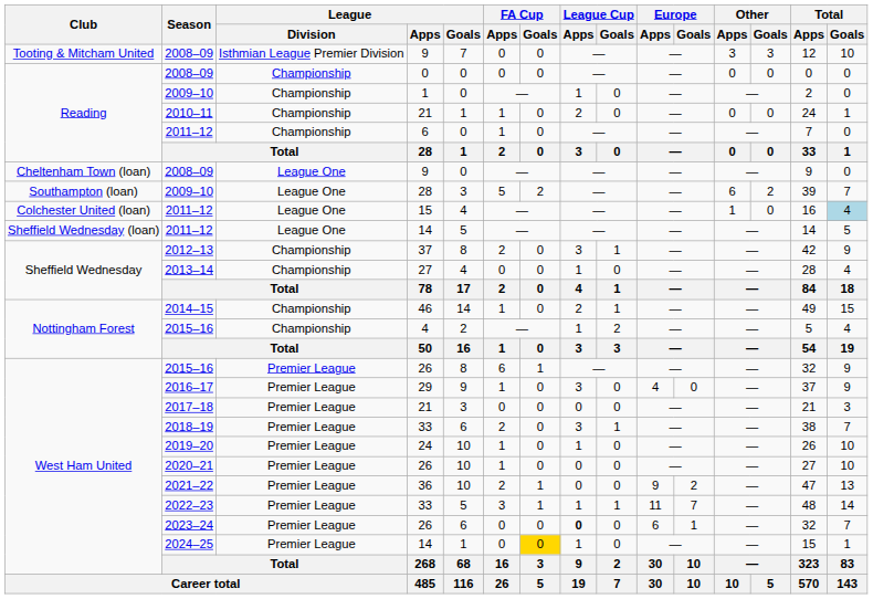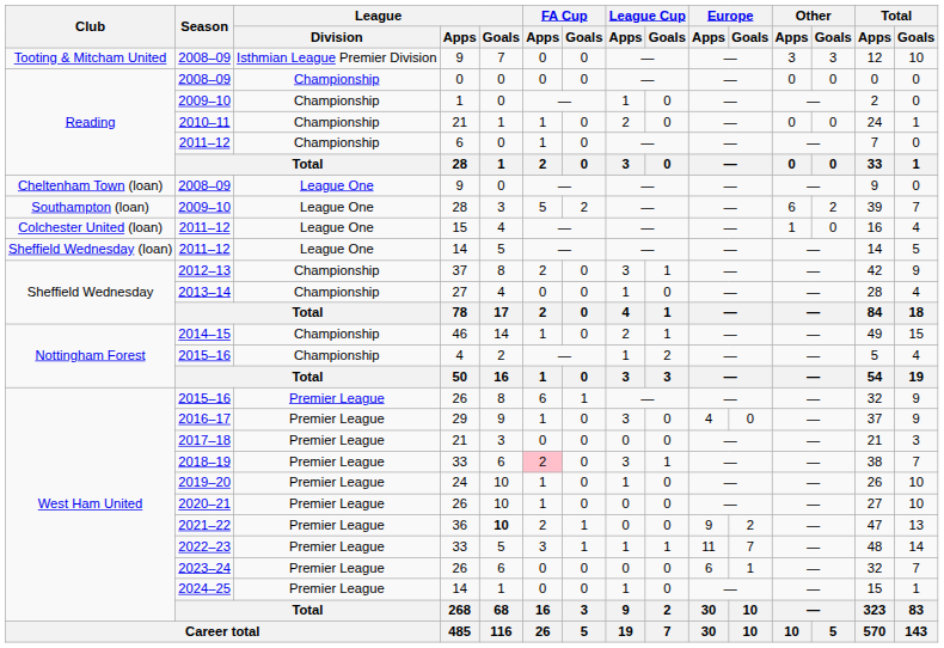 <table class=wikitable style="text-align: center;">
 <tr>
 <th rowspan="2">Club</th>
 <th rowspan="2">Season</th>
 <th colspan="3">League</th>
 <th colspan="2"><a href='#'>FA Cup</a></th>
 <th colspan="2"><a href='#'>League Cup</a></th>
 <th colspan="2"><a href='#'>Europe</a></th>
 <th colspan="2">Other</th>
 <th colspan="2">Total</th>
 </tr>
 <tr>
 <th>Division</th>
 <th>Apps</th>
 <th>Goals</th>
 <th>Apps</th>
 <th>Goals</th>
 <th>Apps</th>
 <th>Goals</th>
 <th>Apps</th>
 <th>Goals</th>
 <th>Apps</th>
 <th>Goals</th>
 <th>Apps</th>
 <th>Goals</th>
 </tr>
 <tr>
 <td><a href='#'>Tooting & Mitcham United</a></td>
 <td><a href='#'>2008–09</a></td>
 <td><a href='#'>Isthmian League</a> Premier Division</td>
 <td>9</td>
 <td>7</td>
 <td>0</td>
 <td>0</td>
 <td colspan="2">—</td>
 <td colspan="2">—</td>
 <td>3</td>
 <td>3</td>
 <td>12</td>
 <td>10</td>
 </tr>
 <tr>
 <td rowspan="5"><a href='#'>Reading</a></td>
 <td><a href='#'>2008–09</a></td>
 <td><a href='#'>Championship</a></td>
 <td>0</td>
 <td>0</td>
 <td>0</td>
 <td>0</td>
 <td colspan="2">—</td>
 <td colspan="2">—</td>
 <td>0</td>
 <td>0</td>
 <td>0</td>
 <td>0</td>
 </tr>
 <tr>
 <td><a href='#'>2009–10</a></td>
 <td>Championship</td>
 <td>1</td>
 <td>0</td>
 <td colspan="2">—</td>
 <td>1</td>
 <td>0</td>
 <td colspan="2">—</td>
 <td colspan="2">—</td>
 <td>2</td>
 <td>0</td>
 </tr>
 <tr>
 <td><a href='#'>2010–11</a></td>
 <td>Championship</td>
 <td>21</td>
 <td>1</td>
 <td>1</td>
 <td>0</td>
 <td>2</td>
 <td>0</td>
 <td colspan="2">—</td>
 <td>0</td>
 <td>0</td>
 <td>24</td>
 <td>1</td>
 </tr>
 <tr>
 <td><a href='#'>2011–12</a></td>
 <td>Championship</td>
 <td>6</td>
 <td>0</td>
 <td>1</td>
 <td>0</td>
 <td colspan="2">—</td>
 <td colspan="2">—</td>
 <td colspan="2">—</td>
 <td>7</td>
 <td>0</td>
 </tr>
 <tr>
 <th colspan="2">Total</th>
 <th>28</th>
 <th>1</th>
 <th>2</th>
 <th>0</th>
 <th>3</th>
 <th>0</th>
 <th colspan="2">—</th>
 <th>0</th>
 <th>0</th>
 <th>33</th>
 <th>1</th>
 </tr>
 <tr>
 <td><a href='#'>Cheltenham Town</a> (loan)</td>
 <td><a href='#'>2008–09</a></td>
 <td><a href='#'>League One</a></td>
 <td>9</td>
 <td>0</td>
 <td colspan="2">—</td>
 <td colspan="2">—</td>
 <td colspan="2">—</td>
 <td colspan="2">—</td>
 <td>9</td>
 <td>0</td>
 </tr>
 <tr>
 <td><a href='#'>Southampton</a> (loan)</td>
 <td><a href='#'>2009–10</a></td>
 <td>League One</td>
 <td>28</td>
 <td>3</td>
 <td>5</td>
 <td>2</td>
 <td colspan="2">—</td>
 <td colspan="2">—</td>
 <td>6</td>
 <td>2</td>
 <td>39</td>
 <td>7</td>
 </tr>
 <tr>
 <td><a href='#'>Colchester United</a> (loan)</td>
 <td><a href='#'>2011–12</a></td>
 <td>League One</td>
 <td>15</td>
 <td>4</td>
 <td colspan="2">—</td>
 <td colspan="2">—</td>
 <td colspan="2">—</td>
 <td>1</td>
 <td>0</td>
 <td>16</td>
-<td style="background: lightblue;">4</td>
+<td>4</td>
 </tr>
 <tr>
 <td><a href='#'>Sheffield Wednesday</a> (loan)</td>
 <td><a href='#'>2011–12</a></td>
 <td>League One</td>
 <td>14</td>
 <td>5</td>
 <td colspan="2">—</td>
 <td colspan="2">—</td>
 <td colspan="2">—</td>
 <td colspan="2">—</td>
 <td>14</td>
 <td>5</td>
 </tr>
 <tr>
 <td rowspan="3">Sheffield Wednesday</td>
 <td><a href='#'>2012–13</a></td>
 <td>Championship</td>
 <td>37</td>
 <td>8</td>
 <td>2</td>
 <td>0</td>
 <td>3</td>
 <td>1</td>
 <td colspan="2">—</td>
 <td colspan="2">—</td>
 <td>42</td>
 <td>9</td>
 </tr>
 <tr>
 <td><a href='#'>2013–14</a></td>
 <td>Championship</td>
 <td>27</td>
 <td>4</td>
 <td>0</td>
 <td>0</td>
 <td>1</td>
 <td>0</td>
 <td colspan="2">—</td>
 <td colspan="2">—</td>
 <td>28</td>
 <td>4</td>
 </tr>
 <tr>
 <th colspan="2">Total</th>
 <th>78</th>
 <th>17</th>
 <th>2</th>
 <th>0</th>
 <th>4</th>
 <th>1</th>
 <th colspan="2">—</th>
 <th colspan="2">—</th>
 <th>84</th>
 <th>18</th>
 </tr>
 <tr>
 <td rowspan="3"><a href='#'>Nottingham Forest</a></td>
 <td><a href='#'>2014–15</a></td>
 <td>Championship</td>
 <td>46</td>
 <td>14</td>
 <td>1</td>
 <td>0</td>
 <td>2</td>
 <td>1</td>
 <td colspan="2">—</td>
 <td colspan="2">—</td>
 <td>49</td>
 <td>15</td>
 </tr>
 <tr>
 <td><a href='#'>2015–16</a></td>
 <td>Championship</td>
 <td>4</td>
 <td>2</td>
 <td colspan="2">—</td>
 <td>1</td>
 <td>2</td>
 <td colspan="2">—</td>
 <td colspan="2">—</td>
 <td>5</td>
 <td>4</td>
 </tr>
 <tr>
 <th colspan="2">Total</th>
 <th>50</th>
 <th>16</th>
 <th>1</th>
 <th>0</th>
 <th>3</th>
 <th>3</th>
 <th colspan="2">—</th>
 <th colspan="2">—</th>
 <th>54</th>
 <th>19</th>
 </tr>
 <tr>
 <td rowspan="11"><a href='#'>West Ham United</a></td>
 <td><a href='#'>2015–16</a></td>
 <td><a href='#'>Premier League</a></td>
 <td>26</td>
 <td>8</td>
 <td>6</td>
 <td>1</td>
 <td colspan="2">—</td>
 <td colspan="2">—</td>
 <td colspan="2">—</td>
 <td>32</td>
 <td>9</td>
 </tr>
 <tr>
 <td><a href='#'>2016–17</a></td>
 <td>Premier League</td>
 <td>29</td>
 <td>9</td>
 <td>1</td>
 <td>0</td>
 <td>3</td>
 <td>0</td>
 <td>4</td>
 <td>0</td>
 <td colspan="2">—</td>
 <td>37</td>
 <td>9</td>
 </tr>
 <tr>
 <td><a href='#'>2017–18</a></td>
 <td>Premier League</td>
 <td>21</td>
 <td>3</td>
 <td>0</td>
 <td>0</td>
 <td>0</td>
 <td>0</td>
 <td colspan="2">—</td>
 <td colspan="2">—</td>
 <td>21</td>
 <td>3</td>
 </tr>
 <tr>
 <td><a href='#'>2018–19</a></td>
 <td>Premier League</td>
 <td>33</td>
 <td>6</td>
-<td>2</td>
+<td style="background: pink;">2</td>
 <td>0</td>
 <td>3</td>
 <td>1</td>
 <td colspan="2">—</td>
 <td colspan="2">—</td>
 <td>38</td>
 <td>7</td>
 </tr>
 <tr>
 <td><a href='#'>2019–20</a></td>
 <td>Premier League</td>
 <td>24</td>
 <td>10</td>
 <td>1</td>
 <td>0</td>
 <td>1</td>
 <td>0</td>
 <td colspan="2">—</td>
 <td colspan="2">—</td>
 <td>26</td>
 <td>10</td>
 </tr>
 <tr>
 <td><a href='#'>2020–21</a></td>
 <td>Premier League</td>
 <td>26</td>
 <td>10</td>
 <td>1</td>
 <td>0</td>
 <td>0</td>
 <td>0</td>
 <td colspan="2">—</td>
 <td colspan="2">—</td>
 <td>27</td>
 <td>10</td>
 </tr>
 <tr>
 <td><a href='#'>2021–22</a></td>
 <td>Premier League</td>
 <td>36</td>
-<td>10</td>
+<td><strong>10</strong></td>
 <td>2</td>
 <td>1</td>
 <td>0</td>
 <td>0</td>
 <td>9</td>
 <td>2</td>
 <td colspan="2">—</td>
 <td>47</td>
 <td>13</td>
 </tr>
 <tr>
 <td><a href='#'>2022–23</a></td>
 <td>Premier League</td>
 <td>33</td>
 <td>5</td>
 <td>3</td>
 <td>1</td>
 <td>1</td>
 <td>1</td>
 <td>11</td>
 <td>7</td>
 <td colspan="2">—</td>
 <td>48</td>
 <td>14</td>
 </tr>
 <tr>
 <td><a href='#'>2023–24</a></td>
 <td>Premier League</td>
 <td>26</td>
 <td>6</td>
 <td>0</td>
 <td>0</td>
-<td><strong>0</strong></td>
+<td>0</td>
 <td>0</td>
 <td>6</td>
 <td>1</td>
 <td colspan="2">—</td>
 <td>32</td>
 <td>7</td>
 </tr>
 <tr>
 <td><a href='#'>2024–25</a></td>
 <td>Premier League</td>
 <td>14</td>
 <td>1</td>
 <td>0</td>
-<td style="background: gold;">0</td>
+<td>0</td>
 <td>1</td>
 <td>0</td>
 <td colspan="2">—</td>
 <td colspan="2">—</td>
 <td>15</td>
 <td>1</td>
 </tr>
 <tr>
 <th colspan="2">Total</th>
 <th>268</th>
 <th>68</th>
 <th>16</th>
 <th>3</th>
 <th>9</th>
 <th>2</th>
 <th>30</th>
 <th>10</th>
 <th colspan="2">—</th>
 <th>323</th>
 <th>83</th>
 </tr>
 <tr>
 <th colspan="3">Career total</th>
 <th>485</th>
 <th>116</th>
 <th>26</th>
 <th>5</th>
 <th>19</th>
 <th>7</th>
 <th>30</th>
 <th>10</th>
 <th>10</th>
 <th>5</th>
 <th>570</th>
 <th>143</th>
 </tr>
 </table>
